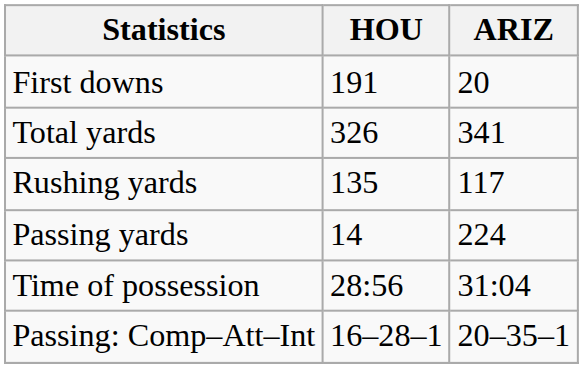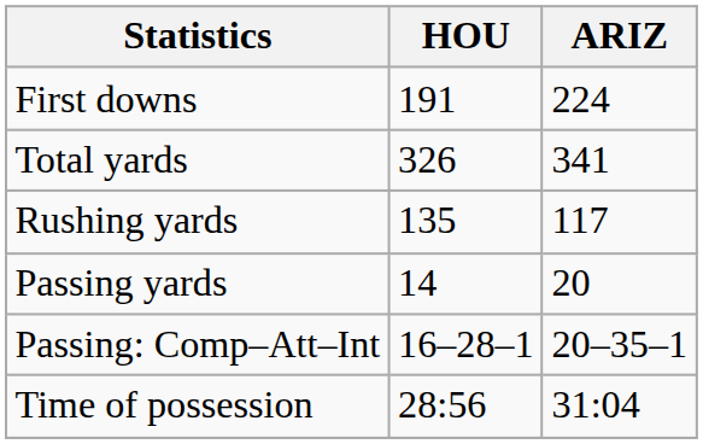 <table class="wikitable" style="float: left;">
 <tr>
 <th>Statistics</th>
 <th>HOU</th>
 <th>ARIZ</th>
 </tr>
 <tr>
 <td>First downs</td>
 <td>191</td>
-<td>20</td>
+<td>224</td>
 </tr>
 <tr>
 <td>Total yards</td>
 <td>326</td>
 <td>341</td>
 </tr>
 <tr>
 <td>Rushing yards</td>
 <td>135</td>
 <td>117</td>
 </tr>
 <tr>
 <td>Passing yards</td>
 <td>14</td>
-<td>224</td>
+<td>20</td>
+</tr>
+<tr>
+<td>Passing: Comp–Att–Int</td>
+<td>16–28–1</td>
+<td>20–35–1</td>
 </tr>
 <tr>
 <td>Time of possession</td>
 <td>28:56</td>
 <td>31:04</td>
 </tr>
 <tr>
-<td>Passing: Comp–Att–Int</td>
-<td>16–28–1</td>
-<td>20–35–1</td>
-</tr>
-<tr>
 </tr>
 </table>
